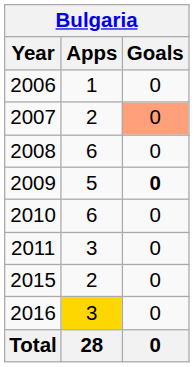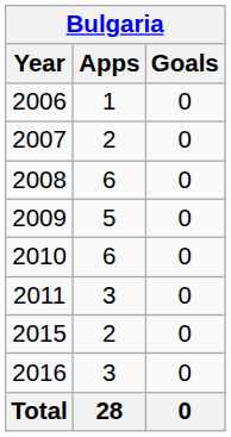 <table class="wikitable" style="text-align:center">
 <tr>
 <th colspan=3><a href='#'>Bulgaria</a></th>
 </tr>
 <tr>
 <th>Year</th>
 <th>Apps</th>
 <th>Goals</th>
 </tr>
 <tr>
 <td>2006</td>
 <td>1</td>
 <td>0</td>
 </tr>
 <tr>
 <td>2007</td>
 <td>2</td>
-<td style="background: lightsalmon;">0</td>
+<td>0</td>
 </tr>
 <tr>
 <td>2008</td>
 <td>6</td>
 <td>0</td>
 </tr>
 <tr>
 <td>2009</td>
 <td>5</td>
-<td><strong>0</strong></td>
+<td>0</td>
 </tr>
 <tr>
 <td>2010</td>
 <td>6</td>
 <td>0</td>
 </tr>
 <tr>
 <td>2011</td>
 <td>3</td>
 <td>0</td>
 </tr>
 <tr>
 <td>2015</td>
 <td>2</td>
 <td>0</td>
 </tr>
 <tr>
 <td>2016</td>
-<td style="background: gold;">3</td>
+<td>3</td>
 <td>0</td>
 </tr>
 <tr>
 <th>Total</th>
 <th>28</th>
 <th>0</th>
 </tr>
 </table>
